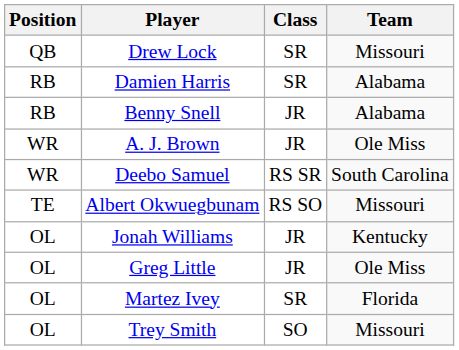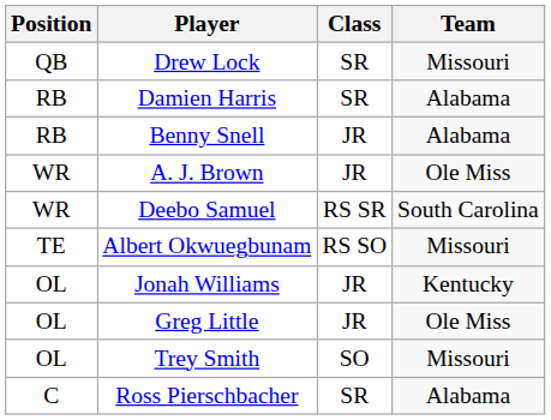 <table class="wikitable sortable">
 <tr>
 <th>Position</th>
 <th>Player</th>
 <th>Class</th>
 <th>Team</th>
 </tr>
 <tr style="text-align:center;">
 <td style="background:white">QB</td>
 <td style="background:white"><a href='#'>Drew Lock</a></td>
 <td style="background:white">SR</td>
 <td>Missouri</td>
 </tr>
 <tr style="text-align:center;">
 <td style="background:white">RB</td>
 <td style="background:white"><a href='#'>Damien Harris</a></td>
 <td style="background:white">SR</td>
 <td>Alabama</td>
 </tr>
 <tr style="text-align:center;">
 <td style="background:white">RB</td>
 <td style="background:white"><a href='#'>Benny Snell</a></td>
 <td style="background:white">JR</td>
 <td>Alabama</td>
 </tr>
 <tr style="text-align:center;">
 <td style="background:white">WR</td>
 <td style="background:white"><a href='#'>A. J. Brown</a></td>
 <td style="background:white">JR</td>
 <td>Ole Miss</td>
 </tr>
 <tr style="text-align:center;">
 <td style="background:white">WR</td>
 <td style="background:white"><a href='#'>Deebo Samuel</a></td>
 <td style="background:white">RS SR</td>
 <td>South Carolina</td>
 </tr>
 <tr style="text-align:center;">
 <td style="background:white">TE</td>
 <td style="background:white"><a href='#'>Albert Okwuegbunam</a></td>
 <td style="background:white">RS SO</td>
 <td>Missouri</td>
 </tr>
 <tr style="text-align:center;">
 <td style="background:white">OL</td>
 <td style="background:white"><a href='#'>Jonah Williams</a></td>
 <td style="background:white">JR</td>
 <td>Kentucky</td>
 </tr>
 <tr style="text-align:center;">
 <td style="background:white">OL</td>
 <td style="background:white"><a href='#'>Greg Little</a></td>
 <td style="background:white">JR</td>
 <td>Ole Miss</td>
 </tr>
 <tr style="text-align:center;">
 <td style="background:white">OL</td>
-<td style="background:white"><a href='#'>Martez Ivey</a></td>
-<td style="background:white">SR</td>
-<td>Florida</td>
-</tr>
-<tr style="text-align:center;">
-<td style="background:white">OL</td>
 <td style="background:white"><a href='#'>Trey Smith</a></td>
 <td style="background:white">SO</td>
 <td>Missouri</td>
 </tr>
+<tr style="text-align:center;">
+<td style="background:white">C</td>
+<td style="background:white"><a href='#'>Ross Pierschbacher</a></td>
+<td style="background:white">SR</td>
+<td>Alabama</td>
+</tr>
 </table>
